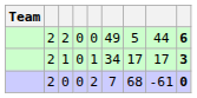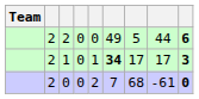 <table class="wikitable" style="text-align: center;">
 <tr>
 <th>Team</th>
 <th></th>
 <th></th>
 <th></th>
 <th></th>
 <th></th>
 <th></th>
 <th></th>
 <th><strong></strong></th>
 </tr>
 <tr bgcolor="ccffcc">
 <td align="left"></td>
 <td>2</td>
 <td>2</td>
 <td>0</td>
 <td>0</td>
 <td>49</td>
 <td>5</td>
 <td>44</td>
 <td><strong>6</strong></td>
 </tr>
 <tr bgcolor="ccffcc">
 <td align="left"></td>
 <td>2</td>
 <td>1</td>
 <td>0</td>
 <td>1</td>
-<td>34</td>
+<td><strong>34</strong></td>
 <td>17</td>
 <td>17</td>
 <td><strong>3</strong></td>
 </tr>
 <tr bgcolor="ccccff">
 <td align="left"></td>
 <td>2</td>
 <td>0</td>
 <td>0</td>
 <td>2</td>
 <td>7</td>
 <td>68</td>
 <td>-61</td>
 <td><strong>0</strong></td>
 </tr>
 </table>
